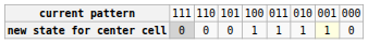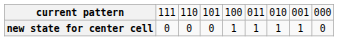 <table class="wikitable" style="text-align: center">
 <tr>
 <th>current pattern</th>
 <td>111</td>
 <td>110</td>
 <td>101</td>
 <td>100</td>
 <td>011</td>
 <td>010</td>
 <td>001</td>
 <td>000</td>
 </tr>
 <tr>
 <th>new state for center cell</th>
-<td style="background: lightgrey;">0</td>
+<td>0</td>
 <td>0</td>
 <td>0</td>
 <td>1</td>
 <td>1</td>
 <td>1</td>
-<td style="background: lightyellow;">1</td>
+<td>1</td>
 <td>0</td>
 </tr>
 </table>
